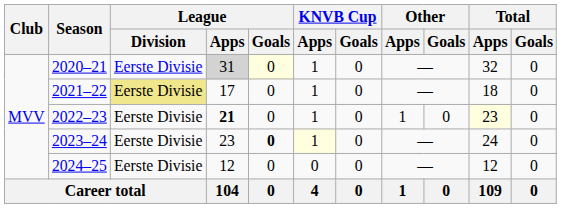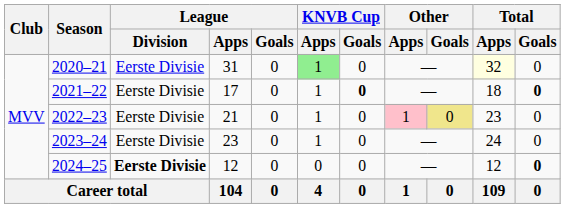 <table class="wikitable" style="text-align:center">
 <tr>
 <th rowspan="2">Club</th>
 <th rowspan="2">Season</th>
 <th colspan="3">League</th>
 <th colspan="2"><a href='#'>KNVB Cup</a></th>
 <th colspan="2">Other</th>
 <th colspan="2">Total</th>
 </tr>
 <tr>
 <th>Division</th>
 <th>Apps</th>
 <th>Goals</th>
 <th>Apps</th>
 <th>Goals</th>
 <th>Apps</th>
 <th>Goals</th>
 <th>Apps</th>
 <th>Goals</th>
 </tr>
 <tr>
 <td rowspan="5"><a href='#'>MVV</a></td>
 <td><a href='#'>2020–21</a></td>
 <td><a href='#'>Eerste Divisie</a></td>
-<td style="background: lightgrey;">31</td>
-<td style="background: lightyellow;">0</td>
-<td>1</td>
+<td>31</td>
+<td>0</td>
+<td style="background: lightgreen;">1</td>
 <td>0</td>
 <td colspan="2">—</td>
-<td>32</td>
+<td style="background: lightyellow;">32</td>
 <td>0</td>
 </tr>
 <tr>
 <td><a href='#'>2021–22</a></td>
-<td style="background: khaki;">Eerste Divisie</td>
+<td>Eerste Divisie</td>
 <td>17</td>
 <td>0</td>
 <td>1</td>
-<td>0</td>
+<td><strong>0</strong></td>
 <td colspan="2">—</td>
 <td>18</td>
-<td>0</td>
+<td><strong>0</strong></td>
 </tr>
 <tr>
 <td><a href='#'>2022–23</a></td>
 <td>Eerste Divisie</td>
-<td><strong>21</strong></td>
+<td>21</td>
 <td>0</td>
 <td>1</td>
 <td>0</td>
-<td>1</td>
-<td>0</td>
-<td style="background: lightyellow;">23</td>
+<td style="background: pink;">1</td>
+<td style="background: khaki;">0</td>
+<td>23</td>
 <td>0</td>
 </tr>
 <tr>
 <td><a href='#'>2023–24</a></td>
 <td>Eerste Divisie</td>
 <td>23</td>
-<td><strong>0</strong></td>
-<td style="background: lightyellow;">1</td>
+<td>0</td>
+<td>1</td>
 <td>0</td>
 <td colspan="2">—</td>
 <td>24</td>
 <td>0</td>
 </tr>
 <tr>
 <td><a href='#'>2024–25</a></td>
-<td>Eerste Divisie</td>
+<td><strong>Eerste Divisie</strong></td>
 <td>12</td>
 <td>0</td>
 <td>0</td>
 <td>0</td>
 <td colspan="2">—</td>
 <td>12</td>
-<td>0</td>
+<td><strong>0</strong></td>
 </tr>
 <tr>
 <th colspan="3">Career total</th>
 <th>104</th>
 <th>0</th>
 <th>4</th>
 <th>0</th>
 <th>1</th>
 <th>0</th>
 <th>109</th>
 <th>0</th>
 </tr>
 </table>
